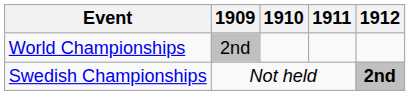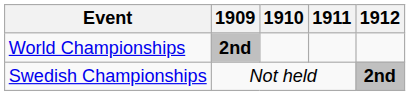 <table class="wikitable">
 <tr>
 <th>Event</th>
 <th>1909</th>
 <th>1910</th>
 <th>1911</th>
 <th>1912</th>
 </tr>
 <tr>
 <td><a href='#'>World Championships</a></td>
-<td align="center" bgcolor="silver">2nd</td>
+<td align="center" bgcolor="silver"><strong>2nd</strong></td>
 <td></td>
 <td></td>
 <td></td>
 </tr>
 <tr>
 <td><a href='#'>Swedish Championships</a></td>
 <td colspan="3" align="center"><em>Not held</em></td>
 <td align="center" bgcolor="silver"><strong>2nd</strong></td>
 </tr>
 </table>
